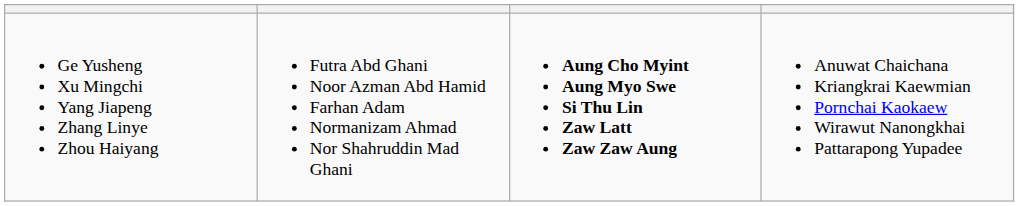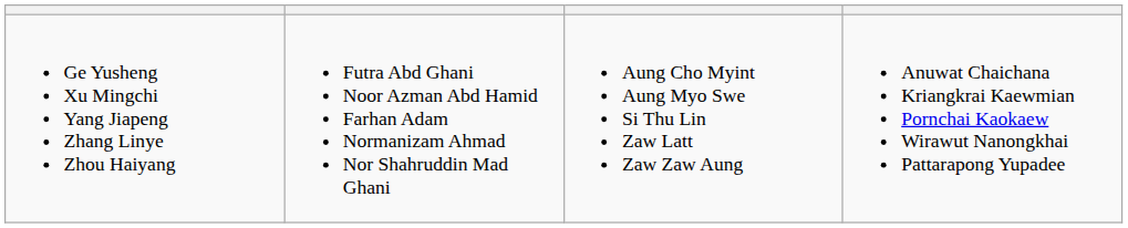 <table class="wikitable" style="font-size:90%">
 <tr>
 <th width=200></th>
 <th width=200></th>
 <th width=200></th>
 <th width=200></th>
 </tr>
 <tr>
 <td valign=top><br><ul><li>Ge Yusheng</li><li>Xu Mingchi</li><li>Yang Jiapeng</li><li>Zhang Linye</li><li>Zhou Haiyang</li></ul></td>
 <td valign=top><br><ul><li>Futra Abd Ghani</li><li>Noor Azman Abd Hamid</li><li>Farhan Adam</li><li>Normanizam Ahmad</li><li>Nor Shahruddin Mad Ghani</li></ul></td>
-<td valign=top><strong><br><ul><li>Aung Cho Myint</li><li>Aung Myo Swe</li><li>Si Thu Lin</li><li>Zaw Latt</li><li>Zaw Zaw Aung</li></ul></strong></td>
+<td valign=top><br><ul><li>Aung Cho Myint</li><li>Aung Myo Swe</li><li>Si Thu Lin</li><li>Zaw Latt</li><li>Zaw Zaw Aung</li></ul></td>
 <td valign=top><br><ul><li>Anuwat Chaichana</li><li>Kriangkrai Kaewmian</li><li><a href='#'>Pornchai Kaokaew</a></li><li>Wirawut Nanongkhai</li><li>Pattarapong Yupadee</li></ul></td>
 </tr>
 </table>
